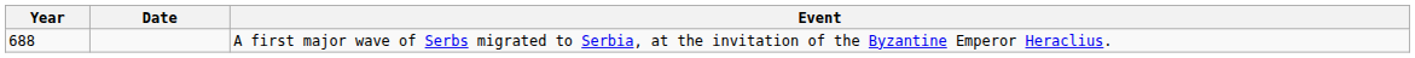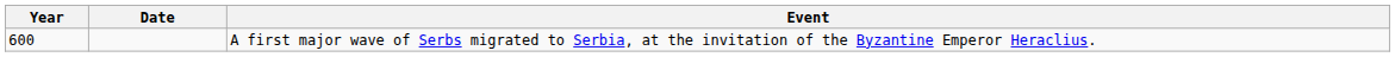 <table class="wikitable" width="100%">
 <tr>
 <th style="width:6%">Year</th>
 <th style="width:10%">Date</th>
 <th>Event</th>
 </tr>
 <tr>
-<td>688</td>
+<td>600</td>
 <td></td>
 <td>A first major wave of <a href='#'>Serbs</a> migrated to <a href='#'>Serbia</a>, at the invitation of the <a href='#'>Byzantine</a> Emperor <a href='#'>Heraclius</a>.</td>
 </tr>
 </table>
